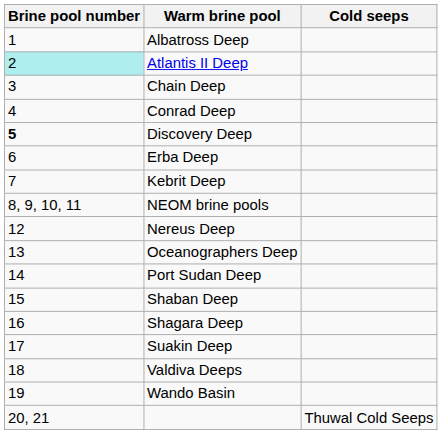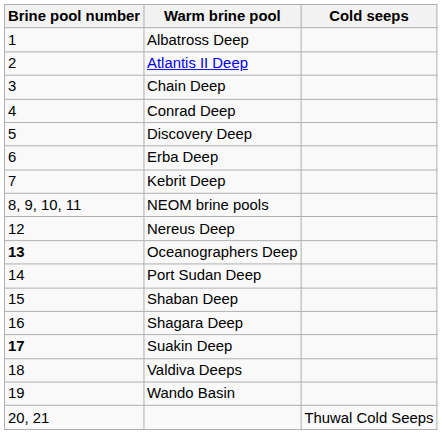 <table class="wikitable">
 <tr>
 <th>Brine pool number</th>
 <th>Warm brine pool</th>
 <th>Cold seeps</th>
 </tr>
 <tr>
 <td>1</td>
 <td>Albatross Deep</td>
 <td></td>
 </tr>
 <tr>
-<td style="background: paleturquoise;">2</td>
+<td>2</td>
 <td><a href='#'>Atlantis II Deep</a></td>
 <td></td>
 </tr>
 <tr>
 <td>3</td>
 <td>Chain Deep</td>
 <td></td>
 </tr>
 <tr>
 <td>4</td>
 <td>Conrad Deep</td>
 <td></td>
 </tr>
 <tr>
-<td><strong>5</strong></td>
+<td>5</td>
 <td>Discovery Deep</td>
 <td></td>
 </tr>
 <tr>
 <td>6</td>
 <td>Erba Deep</td>
 <td></td>
 </tr>
 <tr>
 <td>7</td>
 <td>Kebrit Deep</td>
 <td></td>
 </tr>
 <tr>
 <td>8, 9, 10, 11</td>
 <td>NEOM brine pools</td>
 <td></td>
 </tr>
 <tr>
 <td>12</td>
 <td>Nereus Deep</td>
 <td></td>
 </tr>
 <tr>
-<td>13</td>
+<td><strong>13</strong></td>
 <td>Oceanographers Deep</td>
 <td></td>
 </tr>
 <tr>
 <td>14</td>
 <td>Port Sudan Deep</td>
 <td></td>
 </tr>
 <tr>
 <td>15</td>
 <td>Shaban Deep</td>
 <td></td>
 </tr>
 <tr>
 <td>16</td>
 <td>Shagara Deep</td>
 <td></td>
 </tr>
 <tr>
-<td>17</td>
+<td><strong>17</strong></td>
 <td>Suakin Deep</td>
 <td></td>
 </tr>
 <tr>
 <td>18</td>
 <td>Valdiva Deeps</td>
 <td></td>
 </tr>
 <tr>
 <td>19</td>
 <td>Wando Basin</td>
 </tr>
 <tr>
 <td>20, 21</td>
 <td></td>
 <td>Thuwal Cold Seeps</td>
 </tr>
 </table>
